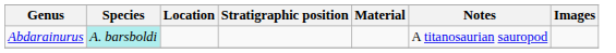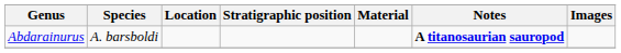 <table class="wikitable" align="center">
 <tr>
 </tr>
 <tr>
 <th>Genus</th>
 <th>Species</th>
 <th>Location</th>
 <th>Stratigraphic position</th>
 <th>Material</th>
 <th>Notes</th>
 <th>Images</th>
 </tr>
 <tr>
 <td><em><a href='#'>Abdarainurus</a></em></td>
-<td style="background: paleturquoise;"><em>A. barsboldi</em></td>
+<td><em>A. barsboldi</em></td>
 <td></td>
 <td></td>
 <td></td>
-<td>A <a href='#'>titanosaurian</a> <a href='#'>sauropod</a></td>
+<td><strong>A <a href='#'>titanosaurian</a> <a href='#'>sauropod</a></strong></td>
 <td></td>
 </tr>
 <tr>
 </tr>
 </table>
